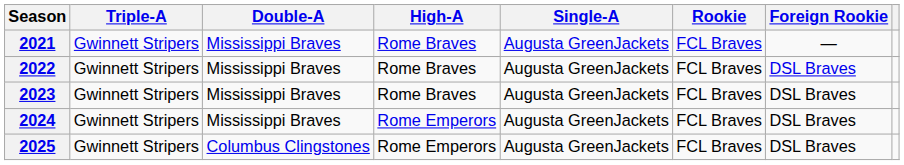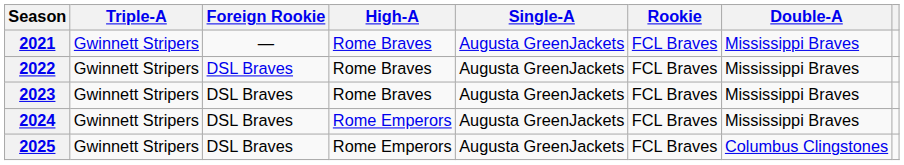 <table class="wikitable plainrowheaders">
 <tr>
 <th scope="col">Season</th>
 <th scope="col"><a href='#'><span>Triple-A</span></a></th>
-<th scope="col"><a href='#'><span>Double-A</span></a></th>
+<th scope="col"><a href='#'><span>Foreign Rookie</span></a></th>
 <th scope="col"><a href='#'><span>High-A</span></a></th>
 <th scope="col"><a href='#'><span>Single-A</span></a></th>
 <th scope="col"><a href='#'><span>Rookie</span></a></th>
-<th scope="col"><a href='#'><span>Foreign Rookie</span></a></th>
+<th scope="col"><a href='#'><span>Double-A</span></a></th>
 <th scope="col"></th>
 </tr>
 <tr>
 <th scope="row" style="text-align:center"><a href='#'>2021</a></th>
 <td><a href='#'>Gwinnett Stripers</a></td>
-<td><a href='#'>Mississippi Braves</a></td>
+<td align="center">—</td>
 <td><a href='#'>Rome Braves</a></td>
 <td><a href='#'>Augusta GreenJackets</a></td>
 <td><a href='#'>FCL Braves</a></td>
-<td align="center">—</td>
+<td><a href='#'>Mississippi Braves</a></td>
 <td align="center"></td>
 </tr>
 <tr>
 <th scope="row" style="text-align:center"><a href='#'>2022</a></th>
 <td>Gwinnett Stripers</td>
-<td>Mississippi Braves</td>
+<td><a href='#'>DSL Braves</a></td>
 <td>Rome Braves</td>
 <td>Augusta GreenJackets</td>
 <td>FCL Braves</td>
-<td><a href='#'>DSL Braves</a></td>
+<td>Mississippi Braves</td>
 <td align="center"></td>
 </tr>
 <tr>
 <th scope="row" style="text-align:center"><a href='#'>2023</a></th>
 <td>Gwinnett Stripers</td>
-<td>Mississippi Braves</td>
+<td>DSL Braves</td>
 <td>Rome Braves</td>
 <td>Augusta GreenJackets</td>
 <td>FCL Braves</td>
-<td>DSL Braves</td>
+<td>Mississippi Braves</td>
 <td align="center"></td>
 </tr>
 <tr>
 <th scope="row" style="text-align:center"><a href='#'>2024</a></th>
 <td>Gwinnett Stripers</td>
-<td>Mississippi Braves</td>
+<td>DSL Braves</td>
 <td><a href='#'>Rome Emperors</a></td>
 <td>Augusta GreenJackets</td>
 <td>FCL Braves</td>
-<td>DSL Braves</td>
+<td>Mississippi Braves</td>
 <td align="center"></td>
 </tr>
 <tr>
 <th scope="row" style="text-align:center"><a href='#'>2025</a></th>
 <td>Gwinnett Stripers</td>
-<td><a href='#'>Columbus Clingstones</a></td>
+<td>DSL Braves</td>
 <td>Rome Emperors</td>
 <td>Augusta GreenJackets</td>
 <td>FCL Braves</td>
-<td>DSL Braves</td>
+<td><a href='#'>Columbus Clingstones</a></td>
 <td align="center"></td>
 </tr>
 </table>
